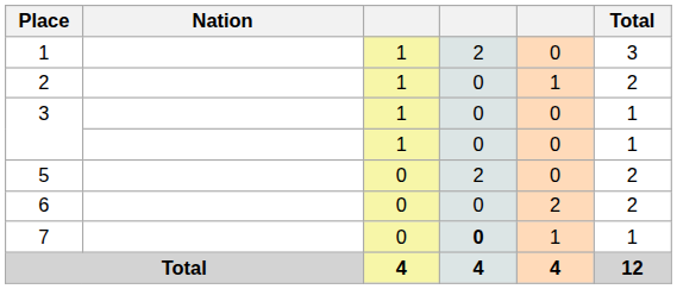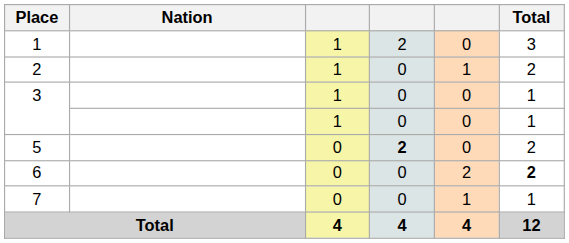 <table class=wikitable style="border:1px solid #AAAAAA;font-size:90%">
 <tr bgcolor="#EFEFEF">
 <th width=50>Place</th>
 <th width=200>Nation</th>
 <th width=50></th>
 <th width=50></th>
 <th width=50></th>
 <th width=50>Total</th>
 </tr>
 <tr align="center" valign="top" bgcolor="#FFFFFF">
 <td>1</td>
 <td align="left"></td>
 <td style="background:#F7F6A8;">1</td>
 <td style="background:#DCE5E5;">2</td>
 <td style="background:#FFDAB9;">0</td>
 <td>3</td>
 </tr>
 <tr align="center" valign="top" bgcolor="#FFFFFF">
 <td>2</td>
 <td align="left"></td>
 <td style="background:#F7F6A8;">1</td>
 <td style="background:#DCE5E5;">0</td>
 <td style="background:#FFDAB9;">1</td>
 <td>2</td>
 </tr>
 <tr align="center" valign="top" bgcolor="#FFFFFF">
 <td rowspan="2" valign="center">3</td>
 <td align="left"></td>
 <td style="background:#F7F6A8;">1</td>
 <td style="background:#DCE5E5;">0</td>
 <td style="background:#FFDAB9;">0</td>
 <td>1</td>
 </tr>
 <tr align="center" valign="top" bgcolor="#FFFFFF">
 <td align="left"></td>
 <td style="background:#F7F6A8;">1</td>
 <td style="background:#DCE5E5;">0</td>
 <td style="background:#FFDAB9;">0</td>
 <td>1</td>
 </tr>
 <tr align="center" valign="top" bgcolor="#FFFFFF">
 <td>5</td>
 <td align="left"></td>
 <td style="background:#F7F6A8;">0</td>
-<td style="background:#DCE5E5;">2</td>
+<td style="background:#DCE5E5;"><strong>2</strong></td>
 <td style="background:#FFDAB9;">0</td>
 <td>2</td>
 </tr>
 <tr align="center" valign="top" bgcolor="#FFFFFF">
 <td>6</td>
 <td align="left"></td>
 <td style="background:#F7F6A8;">0</td>
 <td style="background:#DCE5E5;">0</td>
 <td style="background:#FFDAB9;">2</td>
-<td>2</td>
+<td><strong>2</strong></td>
 </tr>
 <tr align="center" valign="top" bgcolor="#FFFFFF">
 <td>7</td>
 <td align="left"></td>
 <td style="background:#F7F6A8;">0</td>
-<td style="background:#DCE5E5;"><strong>0</strong></td>
+<td style="background:#DCE5E5;">0</td>
 <td style="background:#FFDAB9;">1</td>
 <td>1</td>
 </tr>
 <tr align="center">
 <td colspan="2" bgcolor=D3D3D3><strong>Total</strong></td>
 <td style="background:#F7F6A8;"><strong>4</strong></td>
 <td style="background:#DCE5E5;"><strong>4</strong></td>
 <td style="background:#FFDAB9;"><strong>4</strong></td>
 <td bgcolor=D3D3D3><strong>12</strong></td>
 </tr>
 </table>
